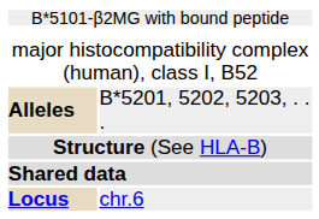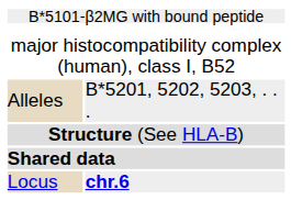 <table id="drugInfoBox" style="float: right; clear: right; margin: 0 0 0.5em 1em; background: #ffffff;" class="toccolours" border=0 cellpadding=0 align="right" width="240px">
 <tr align="center">
 <td colspan="3"></td>
 </tr>
 <tr style="text-align: center; line-height: 0.75;background:#eeeeee">
 <td colspan="3" color="white"><small>B*5101-β2MG with bound peptide </small></td>
 </tr>
 <tr style="text-align: center; line-height: 1.00;background:#eeeeee">
 <td colspan="3" color="white"></td>
 </tr>
 <tr>
 <td align="center" colspan="3"></td>
 </tr>
 <tr style="text-align: center; line-height: 1.00;background:#eeeeee">
 <td colspan="3" color="white"></td>
 </tr>
 <tr>
 <td align="center" colspan="3"></td>
 </tr>
 <tr>
 <td align="center" colspan="3"><div>major histocompatibility complex (human), class I, B52</div></td>
 </tr>
 <tr>
-<td bgcolor="#e7dcc3"><strong>Alleles</strong></td>
+<td bgcolor="#e7dcc3">Alleles</td>
 <td colspan = 2  bgcolor="#eeeeee">B*5201, 5202, 5203, . . .  <br></td>
 </tr>
 <tr align="center">
 <td colspan="3" bgcolor="#dddddd"><strong>Structure</strong> (See <a href='#'>HLA-B</a>)</td>
 </tr>
 <tr>
 <td colspan="2" bgcolor="#dddddd"><strong>Shared data</strong></td>
 </tr>
 <tr>
-<td bgcolor="#e7dcc3"><strong><a href='#'>Locus</a></strong></td>
-<td bgcolor="#eeeeee"><a href='#'>chr.6</a> <em></em></td>
+<td bgcolor="#e7dcc3"><a href='#'>Locus</a></td>
+<td bgcolor="#eeeeee"><strong><a href='#'>chr.6</a> <em></em></strong></td>
 </tr>
 </table>
